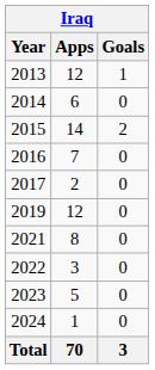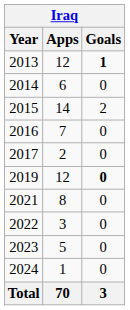 <table class="wikitable" style="text-align:center">
 <tr>
 <th colspan=3><a href='#'>Iraq</a></th>
 </tr>
 <tr>
 <th>Year</th>
 <th>Apps</th>
 <th>Goals</th>
 </tr>
 <tr>
 <td>2013</td>
 <td>12</td>
-<td>1</td>
+<td><strong>1</strong></td>
 </tr>
 <tr>
 <td>2014</td>
 <td>6</td>
 <td>0</td>
 </tr>
 <tr>
 <td>2015</td>
 <td>14</td>
 <td>2</td>
 </tr>
 <tr>
 <td>2016</td>
 <td>7</td>
 <td>0</td>
 </tr>
 <tr>
 <td>2017</td>
 <td>2</td>
 <td>0</td>
 </tr>
 <tr>
 <td>2019</td>
 <td>12</td>
-<td>0</td>
+<td><strong>0</strong></td>
 </tr>
 <tr>
 <td>2021</td>
 <td>8</td>
 <td>0</td>
 </tr>
 <tr>
 <td>2022</td>
 <td>3</td>
 <td>0</td>
 </tr>
 <tr>
 <td>2023</td>
 <td>5</td>
 <td>0</td>
 </tr>
 <tr>
 <td>2024</td>
 <td>1</td>
 <td>0</td>
 </tr>
 <tr>
 <th>Total</th>
 <th>70</th>
 <th>3</th>
 </tr>
 </table>
